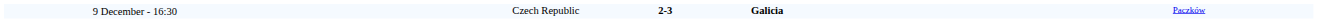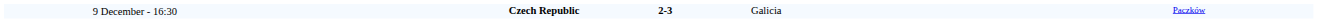 <table style="width: 100%; background:#F5FAFF;" cellspacing="0">
 <tr>
 <td align=center rowspan=3 width=20%>9 December - 16:30</td>
 </tr>
 <tr>
-<td width=24% align=right>Czech Republic</td>
+<td width=24% align=right><strong>Czech Republic</strong></td>
 <td align=center width=13%><strong>2-3</strong></td>
-<td width=24%><strong>Galicia</strong></td>
+<td width=24%>Galicia</td>
 <td style=font-size:85% rowspan=3 valign=top align=center><a href='#'>Paczków</a></td>
 </tr>
 <tr style=font-size:85%>
 <td align=right valign=top></td>
 <td></td>
 <td></td>
 </tr>
 </table>
